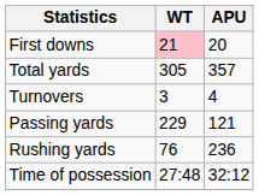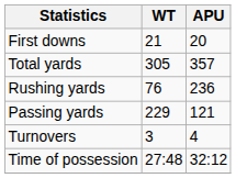 <table class="wikitable">
 <tr>
 <th>Statistics</th>
 <th>WT</th>
 <th>APU</th>
 </tr>
 <tr>
 <td>First downs</td>
-<td style="background: pink;">21</td>
+<td>21</td>
 <td>20</td>
 </tr>
 <tr>
 <td>Total yards</td>
 <td>305</td>
 <td>357</td>
 </tr>
 <tr>
-<td>Turnovers</td>
-<td>3</td>
-<td>4</td>
+<td>Rushing yards</td>
+<td>76</td>
+<td>236</td>
 </tr>
 <tr>
 <td>Passing yards</td>
 <td>229</td>
 <td>121</td>
 </tr>
 <tr>
-<td>Rushing yards</td>
-<td>76</td>
-<td>236</td>
+<td>Turnovers</td>
+<td>3</td>
+<td>4</td>
 </tr>
 <tr>
 <td>Time of possession</td>
 <td>27:48</td>
 <td>32:12</td>
 </tr>
 <tr>
 </tr>
 </table>
